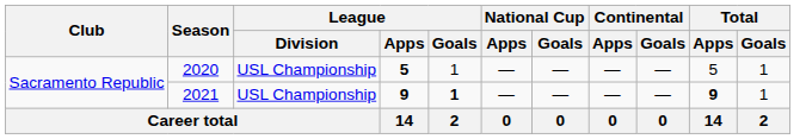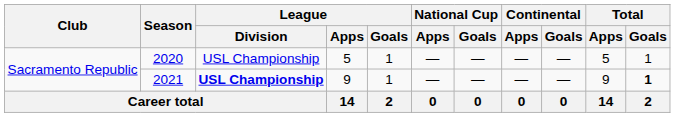 <table class=wikitable style=text-align:center>
 <tr>
 <th rowspan=2>Club</th>
 <th rowspan=2>Season</th>
 <th colspan=3>League</th>
 <th colspan=2>National Cup</th>
 <th colspan=2>Continental</th>
 <th colspan=2>Total</th>
 </tr>
 <tr>
 <th>Division</th>
 <th>Apps</th>
 <th>Goals</th>
 <th>Apps</th>
 <th>Goals</th>
 <th>Apps</th>
 <th>Goals</th>
 <th>Apps</th>
 <th>Goals</th>
 </tr>
 <tr>
 <td rowspan=2><a href='#'>Sacramento Republic</a></td>
 <td><a href='#'>2020</a></td>
 <td><a href='#'>USL Championship</a></td>
-<td><strong>5</strong></td>
+<td>5</td>
 <td>1</td>
 <td>—</td>
 <td>—</td>
 <td>—</td>
 <td>—</td>
 <td>5</td>
 <td>1</td>
 </tr>
 <tr>
 <td><a href='#'>2021</a></td>
-<td><a href='#'>USL Championship</a></td>
-<td><strong>9</strong></td>
-<td><strong>1</strong></td>
+<td><strong><a href='#'>USL Championship</a></strong></td>
+<td>9</td>
+<td>1</td>
 <td>—</td>
 <td>—</td>
 <td>—</td>
 <td>—</td>
-<td><strong>9</strong></td>
-<td>1</td>
+<td>9</td>
+<td><strong>1</strong></td>
 </tr>
 <tr>
 <th colspan=3>Career total</th>
 <th>14</th>
 <th>2</th>
 <th>0</th>
 <th>0</th>
 <th>0</th>
 <th>0</th>
 <th>14</th>
 <th>2</th>
 </tr>
 </table>
